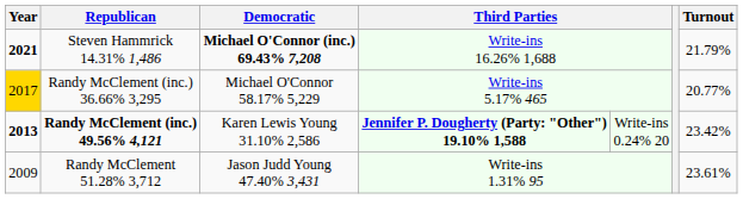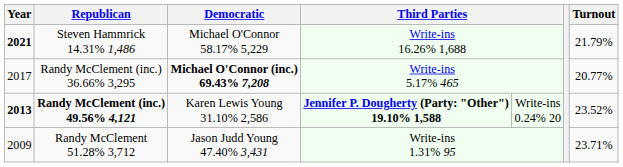 <table class="wikitable" style="font-size: 95%">
 <tr>
 <th>Year</th>
 <th><a href='#'>Republican</a></th>
 <th><a href='#'>Democratic</a></th>
 <th colspan=2><a href='#'>Third Parties</a></th>
 <th rowspan=5></th>
 <th>Turnout</th>
 </tr>
 <tr>
 <td style="text-align:center;" ><strong>2021</strong></td>
 <td style="text-align:center;" >Steven Hammrick<br>14.31% <em>1,486</em></td>
-<td style="text-align:center;" ><strong>Michael O'Connor (inc.)</strong><br><strong>69.43% <em>7,208<strong><em></td>
+<td style="text-align:center;" ></strong>Michael O'Connor<strong><br></strong>58.17% </em>5,229</em></strong></td>
 <td colspan=2 style="text-align:center; background:honeyDew;"><a href='#'>Write-ins</a><br>16.26% </em>1,688<em></td>
 <td style="text-align:center">21.79%</td>
 </tr>
 <tr>
-<td style="background: gold; text-align:center;" ></strong>2017<strong></td>
+<td style="text-align:center;" ></strong>2017<strong></td>
 <td style="text-align:center;" >Randy McClement (inc.)<br>36.66% </em>3,295<em></td>
-<td style="text-align:center;" ></strong>Michael O'Connor<strong><br></strong>58.17% </em>5,229</em></strong></td>
+<td style="text-align:center;" ><strong>Michael O'Connor (inc.)</strong><br><strong>69.43% <em>7,208<strong><em></td>
 <td colspan=2 style="text-align:center; background:honeyDew;"><a href='#'>Write-ins</a><br>5.17% <em>465</em></td>
 <td style="text-align:center">20.77%</td>
 </tr>
 <tr>
 <td style="text-align:center;" ><strong>2013</strong></td>
 <td style="text-align:center;" ><strong>Randy McClement (inc.)</strong><br><strong>49.56% <em>4,121<strong><em></td>
 <td style="text-align:center;" >Karen Lewis Young<br>31.10% </em>2,586<em></td>
 <td style="text-align:center; background:honeyDew;"><strong><a href='#'>Jennifer P. Dougherty</a> (Party: "Other")<br>19.10% </em>1,588<em></strong></td>
 <td style="text-align:center; background:honeyDew;">Write-ins<br>0.24% </em>20<em></td>
-<td style="text-align:center">23.42%</td>
+<td style="text-align:center">23.52%</td>
 </tr>
 <tr>
 <td style="text-align:center;" ></strong>2009<strong></td>
 <td style="text-align:center;" ></strong>Randy McClement<strong><br></strong>51.28% </em>3,712</em></strong></td>
 <td style="text-align:center;" >Jason Judd Young<br>47.40% <em>3,431</em></td>
 <td colspan=2 style="text-align:center; background:honeyDew;">Write-ins<br>1.31% <em>95</em></td>
-<td style="text-align:center">23.61%</td>
+<td style="text-align:center">23.71%</td>
 </tr>
 </table>
